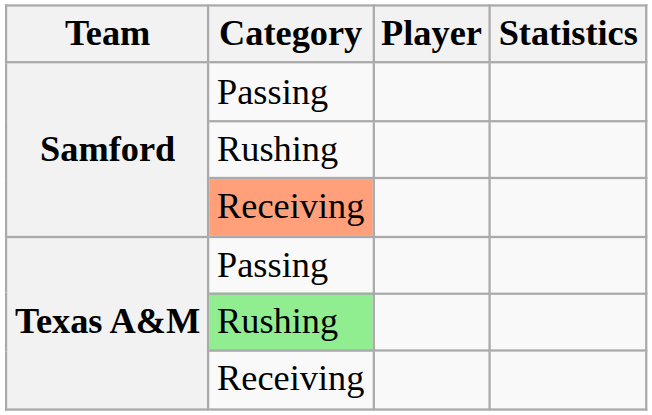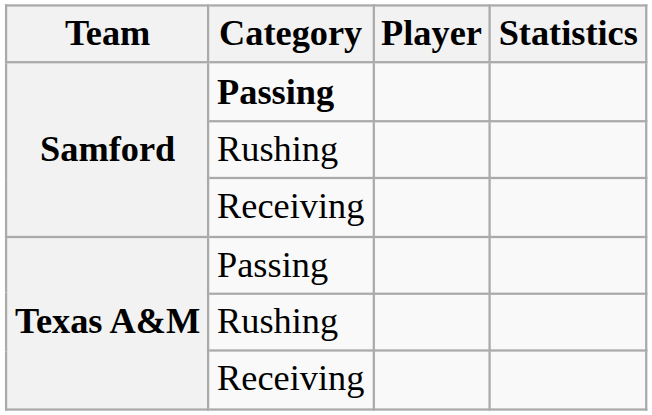 <table class="wikitable" style="float:right">
 <tr>
 <th>Team</th>
 <th>Category</th>
 <th>Player</th>
 <th>Statistics</th>
 </tr>
 <tr>
 <th rowspan=3>Samford</th>
+<td><strong>Passing</strong></td>
+<td></td>
+<td></td>
+</tr>
+<tr>
+<td>Rushing</td>
+<td></td>
+<td></td>
+</tr>
+<tr>
+<td>Receiving</td>
+<td></td>
+<td></td>
+</tr>
+<tr>
+<th rowspan=3>Texas A&M</th>
 <td>Passing</td>
 <td></td>
 <td></td>
 </tr>
 <tr>
 <td>Rushing</td>
 <td></td>
 <td></td>
 </tr>
 <tr>
-<td style="background: lightsalmon;">Receiving</td>
-<td></td>
-<td></td>
-</tr>
-<tr>
-<th rowspan=3>Texas A&M</th>
-<td>Passing</td>
-<td></td>
-<td></td>
-</tr>
-<tr>
-<td style="background: lightgreen;">Rushing</td>
-<td></td>
-<td></td>
-</tr>
-<tr>
 <td>Receiving</td>
 <td></td>
 <td></td>
 </tr>
 </table>
